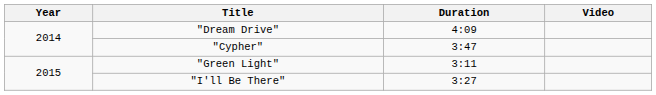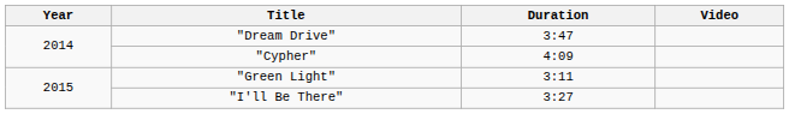 <table class="wikitable" style="width:800px;text-align:center;">
 <tr>
 <th>Year</th>
 <th>Title</th>
 <th>Duration</th>
 <th>Video</th>
 </tr>
 <tr>
 <td rowspan=2>2014</td>
 <td>"Dream Drive"</td>
-<td>4:09</td>
+<td>3:47</td>
 <td></td>
 </tr>
 <tr>
 <td>"Cypher"</td>
-<td>3:47</td>
+<td>4:09</td>
 <td></td>
 </tr>
 <tr>
 <td rowspan=2>2015</td>
 <td>"Green Light"</td>
 <td>3:11</td>
 <td></td>
 </tr>
 <tr>
 <td>"I'll Be There"</td>
 <td>3:27</td>
 <td></td>
 </tr>
 </table>
